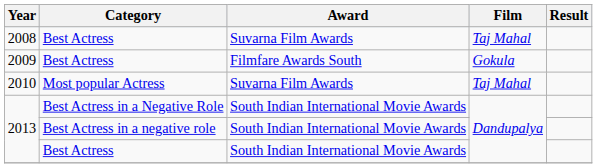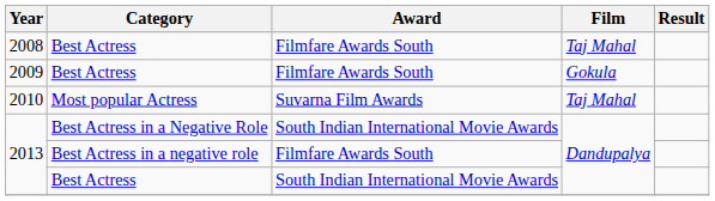 <table class="wikitable">
 <tr style="background:#B0C4DE;">
 <th scope="col">Year</th>
 <th scope="col">Category</th>
 <th scope="col">Award</th>
 <th scope="col">Film</th>
 <th scope="col">Result</th>
 </tr>
 <tr>
 <td>2008</td>
 <td><a href='#'>Best Actress</a></td>
-<td><a href='#'>Suvarna Film Awards</a></td>
+<td><a href='#'>Filmfare Awards South</a></td>
 <td><em><a href='#'>Taj Mahal</a></em></td>
 <td></td>
 </tr>
 <tr>
 <td>2009</td>
 <td><a href='#'>Best Actress</a></td>
 <td><a href='#'>Filmfare Awards South</a></td>
 <td><em><a href='#'>Gokula</a></em></td>
 <td></td>
 </tr>
 <tr>
 <td>2010</td>
 <td><a href='#'>Most popular Actress</a></td>
 <td><a href='#'>Suvarna Film Awards</a></td>
 <td><em><a href='#'>Taj Mahal</a></em></td>
 <td></td>
 </tr>
 <tr>
 <td rowspan="3">2013</td>
 <td><a href='#'>Best Actress in a Negative Role</a></td>
 <td><a href='#'>South Indian International Movie Awards</a></td>
 <td rowspan="3"><em><a href='#'>Dandupalya</a></em></td>
 <td></td>
 </tr>
 <tr>
 <td><a href='#'>Best Actress in a negative role</a></td>
-<td><a href='#'>South Indian International Movie Awards</a></td>
+<td><a href='#'>Filmfare Awards South</a></td>
 <td></td>
 </tr>
 <tr>
 <td><a href='#'>Best Actress</a></td>
 <td><a href='#'>South Indian International Movie Awards</a></td>
 <td></td>
 </tr>
 <tr>
 </tr>
 </table>
